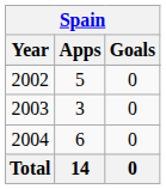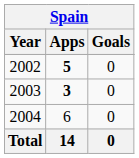 <table class="wikitable" style="text-align:center">
 <tr>
 <th colspan=3><a href='#'>Spain</a></th>
 </tr>
 <tr>
 <th>Year</th>
 <th>Apps</th>
 <th>Goals</th>
 </tr>
 <tr>
 </tr>
 <tr>
 <td>2002</td>
-<td>5</td>
+<td><strong>5</strong></td>
 <td>0</td>
 </tr>
 <tr>
 <td>2003</td>
-<td>3</td>
+<td><strong>3</strong></td>
 <td>0</td>
 </tr>
 <tr>
 <td>2004</td>
 <td>6</td>
 <td>0</td>
 </tr>
 <tr>
 <th>Total</th>
 <th>14</th>
 <th>0</th>
 </tr>
 </table>
